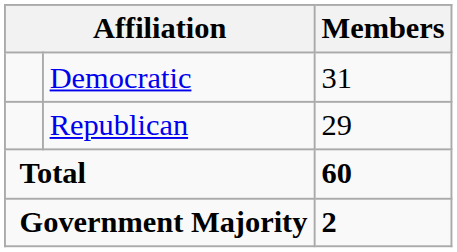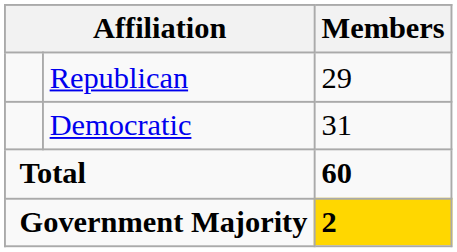 <table class="wikitable">
 <tr>
 <th colspan="2">Affiliation</th>
 <th>Members</th>
 </tr>
 <tr>
 <td style="background-color:"> </td>
-<td><a href='#'>Democratic</a></td>
-<td>31</td>
+<td><a href='#'>Republican</a></td>
+<td>29</td>
 </tr>
 <tr>
 <td style="background-color:"> </td>
-<td><a href='#'>Republican</a></td>
-<td>29</td>
+<td><a href='#'>Democratic</a></td>
+<td>31</td>
 </tr>
 <tr>
 <td colspan="2" rowspan="1"> <strong>Total</strong><br></td>
 <td><strong>60</strong></td>
 </tr>
 <tr>
 <td colspan="2" rowspan="1"> <strong>Government Majority</strong><br></td>
-<td><strong>2</strong></td>
+<td style="background: gold;"><strong>2</strong></td>
 </tr>
 </table>
